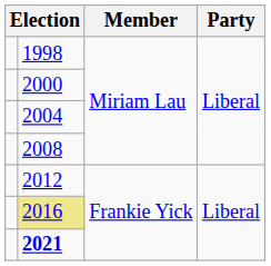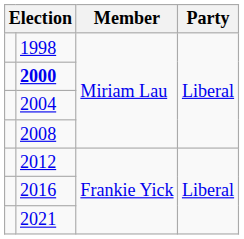 <table class="wikitable">
 <tr>
 <th colspan="2">Election</th>
 <th>Member</th>
 <th>Party</th>
 </tr>
 <tr>
 <td style="background-color: "></td>
 <td><a href='#'>1998</a></td>
 <td rowspan=4><a href='#'>Miriam Lau</a></td>
 <td rowspan=4><a href='#'>Liberal</a></td>
 </tr>
 <tr>
 <td style="background-color: "></td>
-<td><a href='#'>2000</a></td>
+<td><strong><a href='#'>2000</a></strong></td>
 </tr>
 <tr>
 <td style="background-color: "></td>
 <td><a href='#'>2004</a></td>
 </tr>
 <tr>
 <td style="background-color: "></td>
 <td><a href='#'>2008</a></td>
 </tr>
 <tr>
 <td style="background-color: "></td>
 <td><a href='#'>2012</a></td>
 <td rowspan=3><a href='#'>Frankie Yick</a></td>
 <td rowspan=3><a href='#'>Liberal</a></td>
 </tr>
 <tr>
 <td style="background-color: "></td>
-<td style="background: khaki;"><a href='#'>2016</a></td>
+<td><a href='#'>2016</a></td>
 </tr>
 <tr>
 <td style="background-color: "></td>
-<td><strong><a href='#'>2021</a></strong></td>
+<td><a href='#'>2021</a></td>
 </tr>
 </table>
